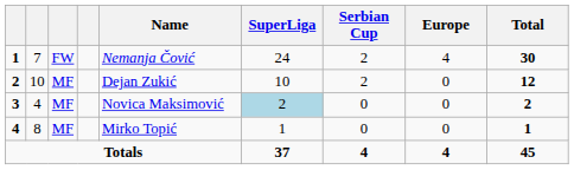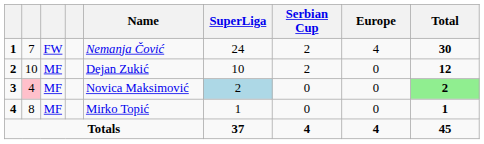 <table class="wikitable" style="text-align:center">
 <tr>
 <th width="15"></th>
 <th width="15"></th>
 <th width="15"></th>
 <th width="15"></th>
 <th width="145">Name</th>
 <th width="80"><strong><a href='#'>SuperLiga</a></strong></th>
 <th width="80"><strong><a href='#'>Serbian Cup</a></strong></th>
 <th width="80"><strong>Europe</strong></th>
 <th width="80">Total</th>
 </tr>
 <tr>
 <td><strong>1</strong></td>
 <td>7</td>
 <td><a href='#'>FW</a></td>
 <td></td>
 <td align="left"><em><a href='#'>Nemanja Čović</a></em></td>
 <td>24</td>
 <td>2</td>
 <td>4</td>
 <td><strong>30</strong></td>
 </tr>
 <tr>
 <td><strong>2</strong></td>
 <td>10</td>
 <td><a href='#'>MF</a></td>
 <td></td>
 <td align="left"><a href='#'>Dejan Zukić</a></td>
 <td>10</td>
 <td>2</td>
 <td>0</td>
 <td><strong>12</strong></td>
 </tr>
 <tr>
 <td><strong>3</strong></td>
-<td>4</td>
+<td style="background: pink;">4</td>
 <td><a href='#'>MF</a></td>
 <td></td>
 <td align="left"><a href='#'>Novica Maksimović</a></td>
 <td style="background: lightblue;">2</td>
 <td>0</td>
 <td>0</td>
-<td><strong>2</strong></td>
+<td style="background: lightgreen;"><strong>2</strong></td>
 </tr>
 <tr>
 <td><strong>4</strong></td>
 <td>8</td>
 <td><a href='#'>MF</a></td>
 <td></td>
 <td align="left"><a href='#'>Mirko Topić</a></td>
 <td>1</td>
 <td>0</td>
 <td>0</td>
 <td><strong>1</strong></td>
 </tr>
 <tr>
 <td colspan="5"><strong>Totals</strong></td>
 <td><strong>37</strong></td>
 <td><strong>4</strong></td>
 <td><strong>4</strong></td>
 <td><strong>45</strong></td>
 </tr>
 </table>
